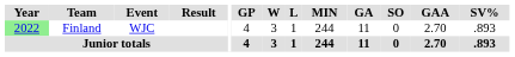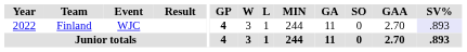 <table border="0" cellpadding="1" cellspacing="0" ID="Table3" style="text-align:center; width:40em;">
 <tr bgcolor="#e0e0e0">
 <th>Year</th>
 <th>Team</th>
 <th>Event</th>
 <th>Result</th>
 <th rowspan="99" bgcolor="#ffffff"></th>
 <th>GP</th>
 <th>W</th>
 <th>L</th>
 <th>MIN</th>
 <th>GA</th>
 <th>SO</th>
 <th>GAA</th>
 <th>SV%</th>
 </tr>
 <tr>
-<td style="background: lightgreen;"><a href='#'>2022</a></td>
+<td><a href='#'>2022</a></td>
 <td><a href='#'>Finland</a></td>
 <td><a href='#'>WJC</a></td>
 <td></td>
-<td>4</td>
+<td><strong>4</strong></td>
 <td>3</td>
 <td>1</td>
 <td>244</td>
 <td>11</td>
 <td>0</td>
 <td>2.70</td>
-<td>.893</td>
+<td style="background: lavender;">.893</td>
 </tr>
 <tr bgcolor="#e0e0e0">
 <th colspan="4">Junior totals</th>
 <th>4</th>
 <th>3</th>
 <th>1</th>
 <th>244</th>
 <th>11</th>
 <th>0</th>
 <th>2.70</th>
 <th>.893</th>
 </tr>
 </table>
